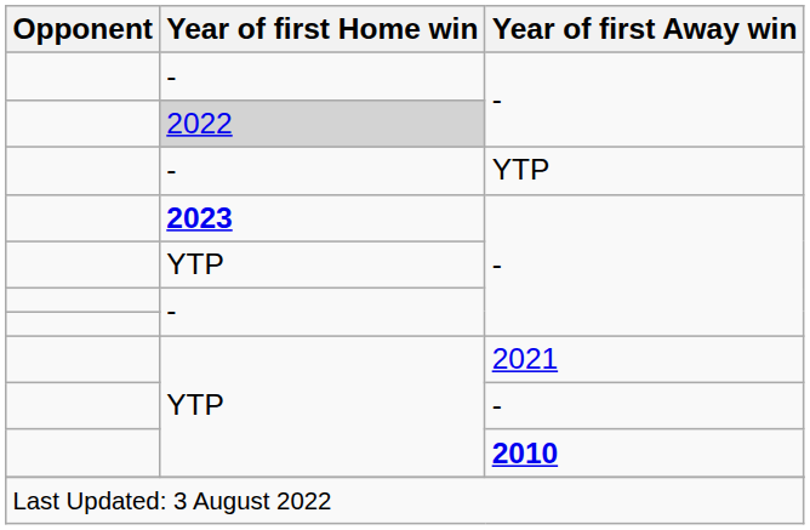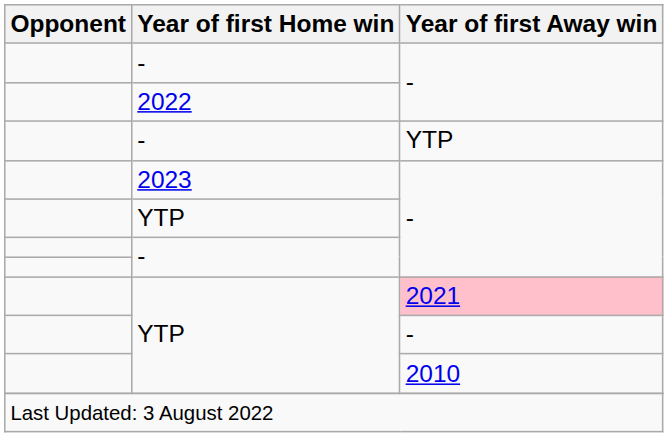 <table class="wikitable plainrowheaders sortable">
 <tr>
 <th>Opponent</th>
 <th>Year of first Home win</th>
 <th>Year of first Away win</th>
 </tr>
 <tr>
 <td></td>
 <td>-</td>
 <td rowspan=2>-</td>
 </tr>
 <tr>
 <td></td>
-<td style="background: lightgrey;"><a href='#'>2022</a></td>
+<td><a href='#'>2022</a></td>
 </tr>
 <tr>
 <td></td>
 <td>-</td>
 <td>YTP</td>
 </tr>
 <tr>
 <td></td>
-<td><strong><a href='#'>2023</a></strong></td>
+<td><a href='#'>2023</a></td>
 <td rowspan="4">-</td>
 </tr>
 <tr>
 <td></td>
 <td>YTP</td>
 </tr>
 <tr>
 <td></td>
 <td rowspan=2>-</td>
 </tr>
 <tr>
 <td></td>
 </tr>
 <tr>
 <td></td>
 <td rowspan=3>YTP</td>
-<td><a href='#'>2021</a></td>
+<td style="background: pink;"><a href='#'>2021</a></td>
 </tr>
 <tr>
 <td></td>
 <td>-</td>
 </tr>
 <tr>
 <td></td>
-<td><strong><a href='#'>2010</a></strong></td>
+<td><a href='#'>2010</a></td>
 </tr>
 <tr>
 </tr>
 <tr class=sortbottom>
 <td colspan=3><small>Last Updated: 3 August 2022</small></td>
 </tr>
 </table>
